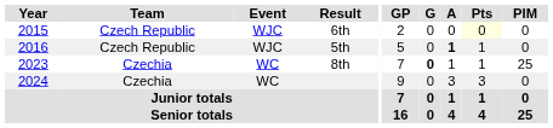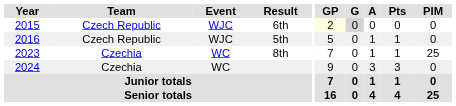 <table border="0" cellpadding="1" cellspacing="0" ID="Table3" style="text-align:center; width:40em;">
 <tr bgcolor="#e0e0e0">
 <th>Year</th>
 <th>Team</th>
 <th>Event</th>
 <th>Result</th>
 <th rowspan="99" bgcolor="#ffffff"></th>
 <th>GP</th>
 <th>G</th>
 <th>A</th>
 <th>Pts</th>
 <th>PIM</th>
 </tr>
 <tr>
 <td><a href='#'>2015</a></td>
 <td><a href='#'>Czech Republic</a></td>
 <td><a href='#'>WJC</a></td>
 <td>6th</td>
-<td>2</td>
+<td style="background: lightyellow;">2</td>
+<td style="background: lightgrey;">0</td>
 <td>0</td>
 <td>0</td>
-<td style="background: lightyellow;">0</td>
 <td>0</td>
 </tr>
 <tr bgcolor="#f0f0f0">
 <td><a href='#'>2016</a></td>
 <td>Czech Republic</td>
 <td>WJC</td>
 <td>5th</td>
 <td>5</td>
 <td>0</td>
-<td><strong>1</strong></td>
+<td>1</td>
 <td>1</td>
 <td>0</td>
 </tr>
 <tr>
 <td><a href='#'>2023</a></td>
 <td><a href='#'>Czechia</a></td>
 <td><a href='#'>WC</a></td>
 <td>8th</td>
 <td>7</td>
-<td><strong>0</strong></td>
+<td>0</td>
 <td>1</td>
 <td>1</td>
 <td>25</td>
 </tr>
 <tr bgcolor="#f0f0f0">
 <td><a href='#'>2024</a></td>
 <td>Czechia</td>
 <td>WC</td>
 <td></td>
 <td>9</td>
 <td>0</td>
 <td>3</td>
 <td>3</td>
 <td>0</td>
 </tr>
 <tr bgcolor="#e0e0e0">
 <th colspan="4">Junior totals</th>
 <th>7</th>
 <th>0</th>
 <th>1</th>
 <th>1</th>
 <th>0</th>
 </tr>
 <tr bgcolor="#e0e0e0">
 <th colspan="4">Senior totals</th>
 <th>16</th>
 <th>0</th>
 <th>4</th>
 <th>4</th>
 <th>25</th>
 </tr>
 </table>
